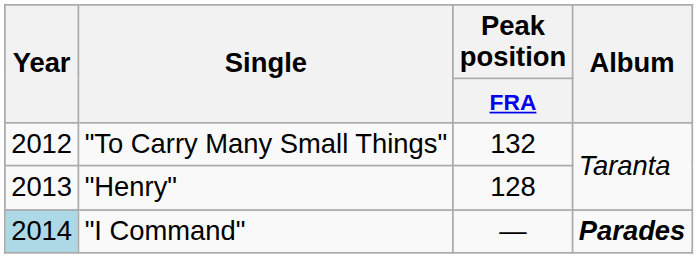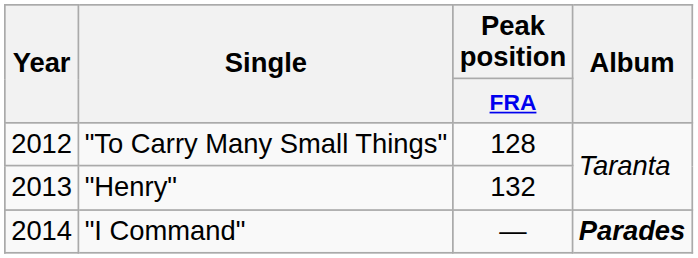 <table class="wikitable">
 <tr>
 <th rowspan=2>Year</th>
 <th rowspan=2>Single</th>
 <th>Peak<br>position</th>
 <th rowspan=2>Album</th>
 </tr>
 <tr>
 <th style="text-align:center"><small><a href='#'>FRA</a><br></small></th>
 </tr>
 <tr>
 <td>2012</td>
 <td>"To Carry Many Small Things"</td>
-<td align="center">132</td>
+<td align="center">128</td>
 <td rowspan=2><em>Taranta</em></td>
 </tr>
 <tr>
 <td>2013</td>
 <td>"Henry"</td>
-<td align="center">128</td>
+<td align="center">132</td>
 </tr>
 <tr>
-<td style="background: lightblue;">2014</td>
+<td>2014</td>
 <td>"I Command"</td>
 <td align="center">—</td>
 <td align="center" rowspan=1><strong><em>Parades</em></strong></td>
 </tr>
 </table>
